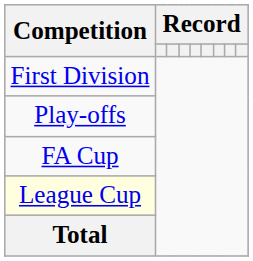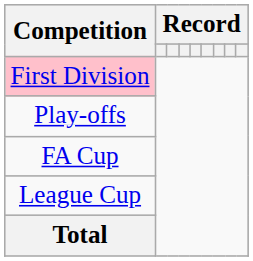 <table class="wikitable" style="text-align: center">
 <tr>
 <th rowspan=2>Competition</th>
 <th colspan=8>Record</th>
 </tr>
 <tr>
 <th></th>
 <th></th>
 <th></th>
 <th></th>
 <th></th>
 <th></th>
 <th></th>
 <th></th>
 </tr>
 <tr>
-<td><a href='#'>First Division</a><br></td>
+<td style="background: pink;"><a href='#'>First Division</a><br></td>
 </tr>
 <tr>
 <td><a href='#'>Play-offs</a><br></td>
 </tr>
 <tr>
 <td><a href='#'>FA Cup</a><br></td>
 </tr>
 <tr>
-<td style="background: lightyellow;"><a href='#'>League Cup</a><br></td>
+<td><a href='#'>League Cup</a><br></td>
 </tr>
 <tr>
 <th>Total<br></th>
 </tr>
 </table>
